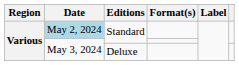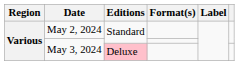 <table class="wikitable plainrowheaders">
 <tr>
 <th scope="col">Region</th>
 <th scope="col">Date</th>
 <th scope="col">Editions</th>
 <th scope="col">Format(s)</th>
 <th scope="col">Label</th>
 <th scope="col"></th>
 </tr>
 <tr>
 <th scope="row" rowspan="3">Various</th>
-<td style="background: lightblue;">May 2, 2024</td>
+<td>May 2, 2024</td>
 <td rowspan="2">Standard</td>
 <td></td>
 <td rowspan="3"></td>
 <td rowspan="2" align="center"></td>
 </tr>
 <tr>
 <td rowspan="2">May 3, 2024</td>
 <td></td>
 </tr>
 <tr>
-<td>Deluxe</td>
+<td style="background: pink;">Deluxe</td>
 <td></td>
 <td align="center"></td>
 </tr>
 </table>
